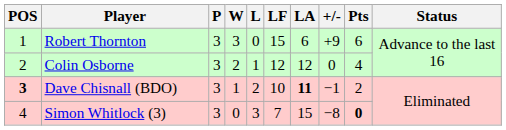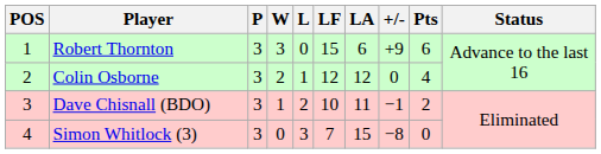 <table class="wikitable" style="text-align:center; margin: 1em auto 1em auto, align:left">
 <tr>
 <th width=20>POS</th>
 <th width=169>Player</th>
 <th width=3>P</th>
 <th width=3>W</th>
 <th width=3>L</th>
 <th width=20>LF</th>
 <th width=20>LA</th>
 <th width=20>+/-</th>
 <th width=20>Pts</th>
 <th width=129>Status</th>
 </tr>
 <tr style="background:#CCFFCC;">
 <td>1</td>
 <td style="text-align:left;"> <a href='#'>Robert Thornton</a></td>
 <td>3</td>
 <td>3</td>
 <td>0</td>
 <td>15</td>
 <td>6</td>
 <td>+9</td>
 <td>6</td>
 <td rowspan=2>Advance to the last 16</td>
 </tr>
 <tr style="background:#CCFFCC;">
 <td>2</td>
 <td style="text-align:left;"> <a href='#'>Colin Osborne</a></td>
 <td>3</td>
 <td>2</td>
 <td>1</td>
 <td>12</td>
 <td>12</td>
 <td>0</td>
 <td>4</td>
 </tr>
 <tr style="background:#FFCCCC;">
-<td><strong>3</strong></td>
+<td>3</td>
 <td style="text-align:left;"> <a href='#'>Dave Chisnall</a> (BDO)</td>
 <td>3</td>
 <td>1</td>
 <td>2</td>
 <td>10</td>
-<td><strong>11</strong></td>
+<td>11</td>
 <td>−1</td>
 <td>2</td>
 <td rowspan=2>Eliminated</td>
 </tr>
 <tr style="background:#FFCCCC;">
 <td>4</td>
 <td style="text-align:left;"> <a href='#'>Simon Whitlock</a> (3)</td>
 <td>3</td>
 <td>0</td>
 <td>3</td>
 <td>7</td>
 <td>15</td>
 <td>−8</td>
-<td><strong>0</strong></td>
+<td>0</td>
 </tr>
 </table>
